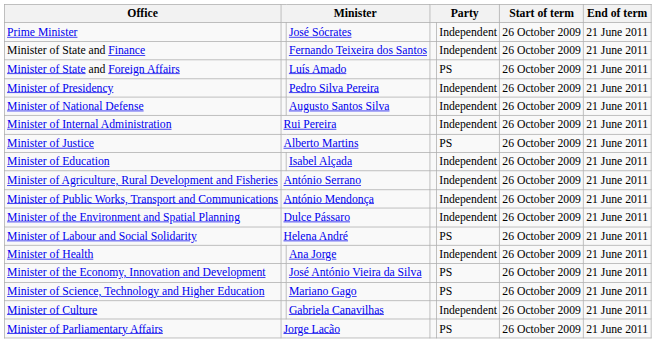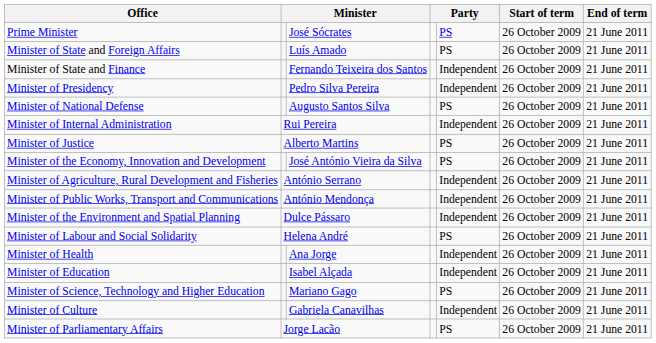 <table class="wikitable">
 <tr>
 <th>Office</th>
 <th colspan="2">Minister</th>
 <th colspan="2">Party</th>
 <th>Start of term</th>
 <th>End of term</th>
 </tr>
 <tr>
 <td><a href='#'>Prime Minister</a></td>
 <td></td>
 <td><a href='#'>José Sócrates</a></td>
 <td width="2px" style="background:"><br></td>
-<td>Independent</td>
+<td><a href='#'>PS</a></td>
+<td>26 October 2009</td>
+<td>21 June 2011</td>
+</tr>
+<tr>
+<td><a href='#'>Minister of State</a> and <a href='#'>Foreign Affairs</a></td>
+<td></td>
+<td><a href='#'>Luís Amado</a></td>
+<td width="2px" style="background:"><br></td>
+<td>PS</td>
 <td>26 October 2009</td>
 <td>21 June 2011</td>
 </tr>
 <tr>
 <td>Minister of State and <a href='#'>Finance</a></td>
 <td></td>
 <td><a href='#'>Fernando Teixeira dos Santos</a></td>
 <td width="2px" style="background:"><br></td>
 <td>Independent</td>
-<td>26 October 2009</td>
-<td>21 June 2011</td>
-</tr>
-<tr>
-<td><a href='#'>Minister of State</a> and <a href='#'>Foreign Affairs</a></td>
-<td></td>
-<td><a href='#'>Luís Amado</a></td>
-<td width="2px" style="background:"><br></td>
-<td>PS</td>
 <td>26 October 2009</td>
 <td>21 June 2011</td>
 </tr>
 <tr>
 <td><a href='#'>Minister of Presidency</a></td>
 <td></td>
 <td><a href='#'>Pedro Silva Pereira</a></td>
 <td width="2px" style="background:"><br></td>
 <td>Independent</td>
 <td>26 October 2009</td>
 <td>21 June 2011</td>
 </tr>
 <tr>
 <td><a href='#'>Minister of National Defense</a></td>
 <td></td>
 <td><a href='#'>Augusto Santos Silva</a></td>
 <td width="2px" style="background:"><br></td>
-<td>Independent</td>
+<td>PS</td>
 <td>26 October 2009</td>
 <td>21 June 2011</td>
 </tr>
 <tr>
 <td><a href='#'>Minister of Internal Administration</a></td>
 <td colspan="2"><a href='#'>Rui Pereira</a></td>
 <td width="2px" style="background:"><br></td>
 <td>Independent</td>
 <td>26 October 2009</td>
 <td>21 June 2011</td>
 </tr>
 <tr>
 <td><a href='#'>Minister of Justice</a></td>
 <td colspan="2"><a href='#'>Alberto Martins</a></td>
 <td width="2px" style="background:"><br></td>
 <td>PS</td>
 <td>26 October 2009</td>
 <td>21 June 2011</td>
 </tr>
 <tr>
-<td><a href='#'>Minister of Education</a></td>
+<td><a href='#'>Minister of the Economy, Innovation and Development</a></td>
 <td></td>
-<td><a href='#'>Isabel Alçada</a></td>
+<td><a href='#'>José António Vieira da Silva</a></td>
 <td width="2px" style="background:"><br></td>
-<td>Independent</td>
+<td>PS</td>
 <td>26 October 2009</td>
 <td>21 June 2011</td>
 </tr>
 <tr>
 <td><a href='#'>Minister of Agriculture, Rural Development and Fisheries</a></td>
 <td colspan="2"><a href='#'>António Serrano</a></td>
 <td width="2px" style="background:"><br></td>
 <td>Independent</td>
 <td>26 October 2009</td>
 <td>21 June 2011</td>
 </tr>
 <tr>
 <td><a href='#'>Minister of Public Works, Transport and Communications</a></td>
 <td colspan="2"><a href='#'>António Mendonça</a></td>
 <td width="2px" style="background:"><br></td>
 <td>Independent</td>
 <td>26 October 2009</td>
 <td>21 June 2011</td>
 </tr>
 <tr>
 <td><a href='#'>Minister of the Environment and Spatial Planning</a></td>
 <td colspan="2"><a href='#'>Dulce Pássaro</a></td>
 <td width="2px" style="background:"><br></td>
 <td>Independent</td>
 <td>26 October 2009</td>
 <td>21 June 2011</td>
 </tr>
 <tr>
 <td><a href='#'>Minister of Labour and Social Solidarity</a></td>
 <td colspan="2"><a href='#'>Helena André</a></td>
 <td width="2px" style="background:"><br></td>
 <td>PS</td>
 <td>26 October 2009</td>
 <td>21 June 2011</td>
 </tr>
 <tr>
 <td><a href='#'>Minister of Health</a></td>
 <td></td>
 <td><a href='#'>Ana Jorge</a></td>
 <td width="2px" style="background:"><br></td>
 <td>Independent</td>
 <td>26 October 2009</td>
 <td>21 June 2011</td>
 </tr>
 <tr>
-<td><a href='#'>Minister of the Economy, Innovation and Development</a></td>
+<td><a href='#'>Minister of Education</a></td>
 <td></td>
-<td><a href='#'>José António Vieira da Silva</a></td>
+<td><a href='#'>Isabel Alçada</a></td>
 <td width="2px" style="background:"><br></td>
-<td>PS</td>
+<td>Independent</td>
 <td>26 October 2009</td>
 <td>21 June 2011</td>
 </tr>
 <tr>
 <td><a href='#'>Minister of Science, Technology and Higher Education</a></td>
 <td></td>
 <td><a href='#'>Mariano Gago</a></td>
 <td width="2px" style="background:"><br></td>
 <td>PS</td>
 <td>26 October 2009</td>
 <td>21 June 2011</td>
 </tr>
 <tr>
 <td><a href='#'>Minister of Culture</a></td>
 <td></td>
 <td><a href='#'>Gabriela Canavilhas</a></td>
 <td width="2px" style="background:"><br></td>
 <td>Independent</td>
 <td>26 October 2009</td>
 <td>21 June 2011</td>
 </tr>
 <tr>
 <td><a href='#'>Minister of Parliamentary Affairs</a></td>
 <td colspan="2"><a href='#'>Jorge Lacão</a></td>
 <td width="2px" style="background:"><br></td>
 <td>PS</td>
 <td>26 October 2009</td>
 <td>21 June 2011</td>
 </tr>
 </table>
